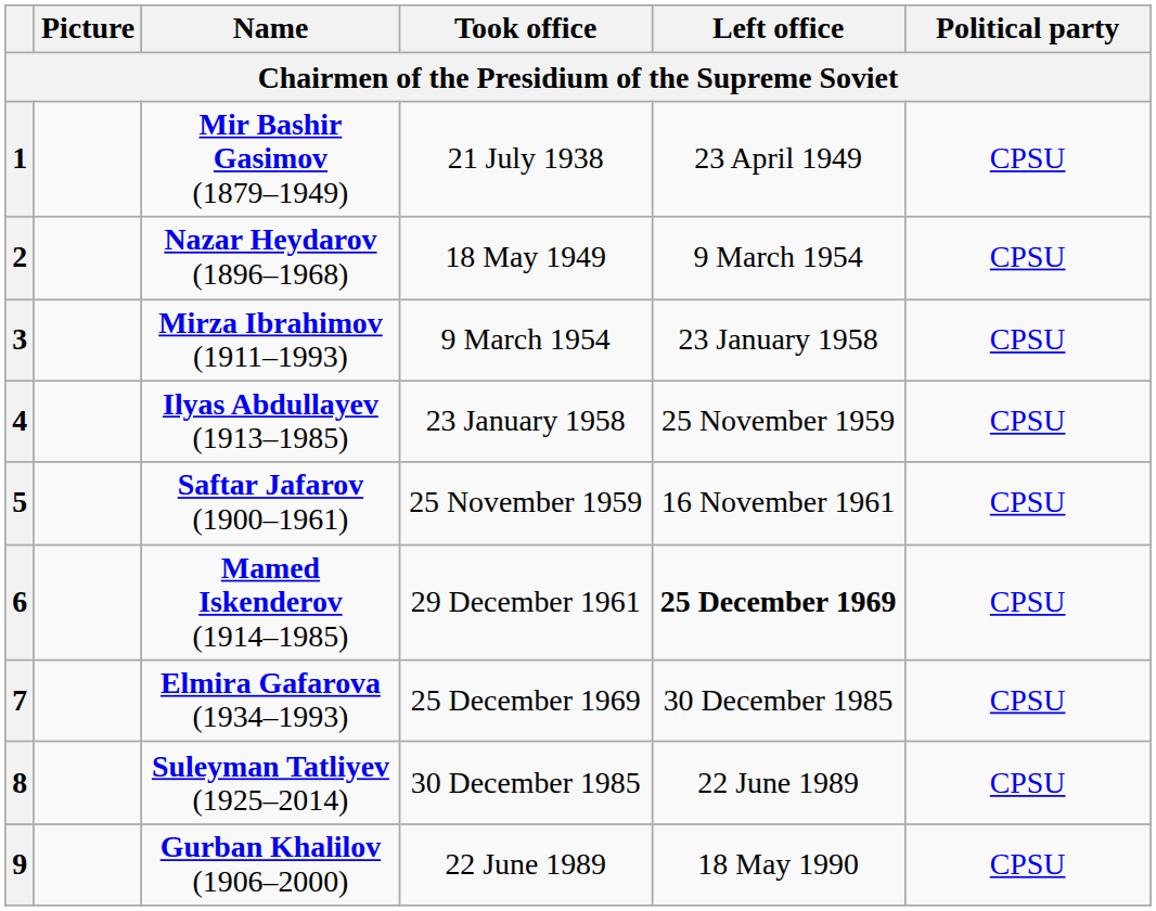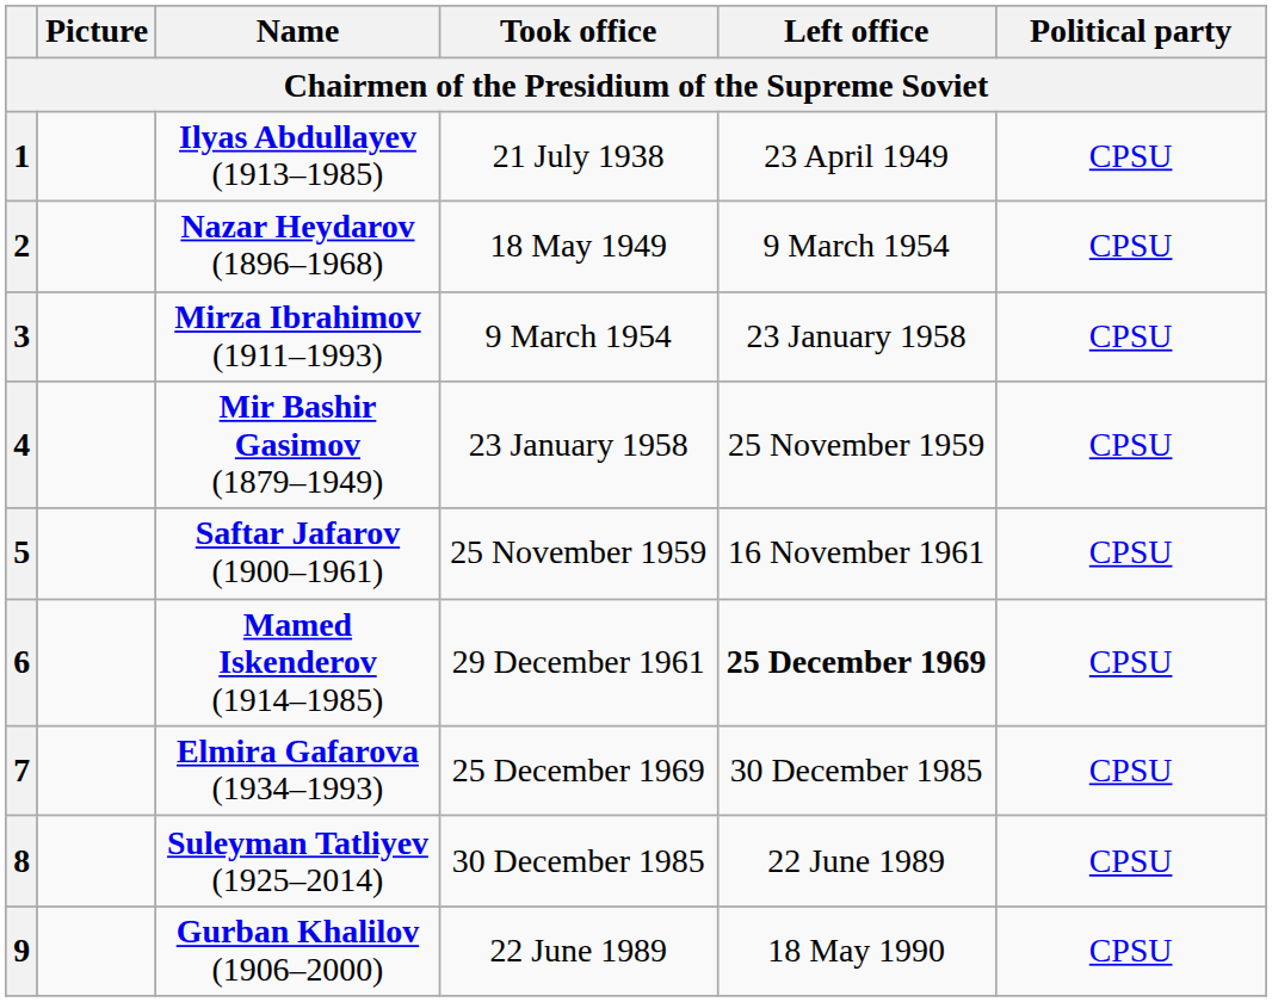 <table class="wikitable" style="text-align:center">
 <tr>
 <th></th>
 <th>Picture</th>
 <th width="150">Name<br></th>
 <th width="150">Took office</th>
 <th width="150">Left office</th>
 <th width="150">Political party</th>
 </tr>
 <tr>
 <th colspan="6" align="center">Chairmen of the Presidium of the Supreme Soviet</th>
 </tr>
 <tr>
 <th style="background:">1</th>
 <td></td>
-<td><strong><a href='#'>Mir Bashir Gasimov</a></strong><br>(1879–1949)</td>
+<td><strong><a href='#'>Ilyas Abdullayev</a></strong><br>(1913–1985)</td>
 <td>21 July 1938</td>
 <td>23 April 1949</td>
 <td><a href='#'>CPSU</a></td>
 </tr>
 <tr>
 <th style="background:">2</th>
 <td></td>
 <td><strong><a href='#'>Nazar Heydarov</a></strong><br>(1896–1968)</td>
 <td>18 May 1949</td>
 <td>9 March 1954</td>
 <td><a href='#'>CPSU</a></td>
 </tr>
 <tr>
 <th style="background:">3</th>
 <td></td>
 <td><strong><a href='#'>Mirza Ibrahimov</a></strong><br>(1911–1993)</td>
 <td>9 March 1954</td>
 <td>23 January 1958</td>
 <td><a href='#'>CPSU</a></td>
 </tr>
 <tr>
 <th style="background:">4</th>
 <td></td>
-<td><strong><a href='#'>Ilyas Abdullayev</a></strong><br>(1913–1985)</td>
+<td><strong><a href='#'>Mir Bashir Gasimov</a></strong><br>(1879–1949)</td>
 <td>23 January 1958</td>
 <td>25 November 1959</td>
 <td><a href='#'>CPSU</a></td>
 </tr>
 <tr>
 <th style="background:">5</th>
 <td></td>
 <td><strong><a href='#'>Saftar Jafarov</a></strong><br>(1900–1961)</td>
 <td>25 November 1959</td>
 <td>16 November 1961</td>
 <td><a href='#'>CPSU</a></td>
 </tr>
 <tr>
 <th style="background:">6</th>
 <td></td>
 <td><strong><a href='#'>Mamed Iskenderov</a></strong><br>(1914–1985)</td>
 <td>29 December 1961</td>
 <td><strong>25 December 1969</strong></td>
 <td><a href='#'>CPSU</a></td>
 </tr>
 <tr>
 <th style="background:">7</th>
 <td></td>
 <td><strong><a href='#'>Elmira Gafarova</a></strong><br>(1934–1993)</td>
 <td>25 December 1969</td>
 <td>30 December 1985</td>
 <td><a href='#'>CPSU</a></td>
 </tr>
 <tr>
 <th style="background:">8</th>
 <td></td>
 <td><strong><a href='#'>Suleyman Tatliyev</a></strong><br>(1925–2014)</td>
 <td>30 December 1985</td>
 <td>22 June 1989</td>
 <td><a href='#'>CPSU</a></td>
 </tr>
 <tr>
 <th style="background:">9</th>
 <td></td>
 <td><strong><a href='#'>Gurban Khalilov</a></strong><br>(1906–2000)</td>
 <td>22 June 1989</td>
 <td>18 May 1990</td>
 <td><a href='#'>CPSU</a></td>
 </tr>
 </table>
